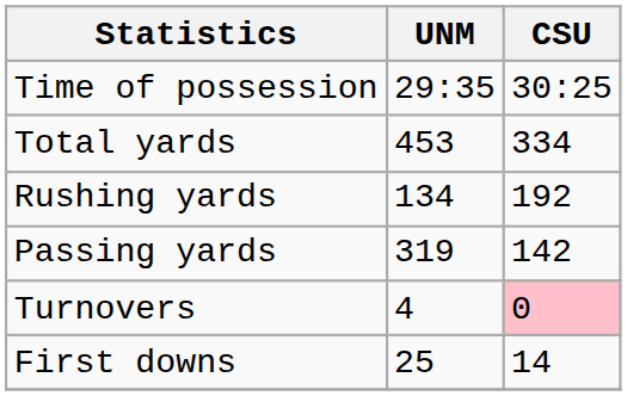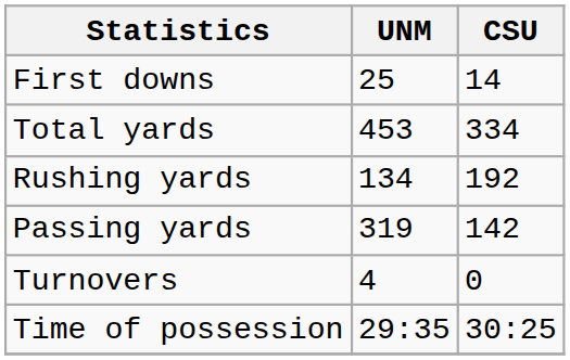 <table class="wikitable" style="float: left;">
 <tr>
 <th>Statistics</th>
 <th>UNM</th>
 <th>CSU</th>
 </tr>
 <tr>
-<td>Time of possession</td>
-<td>29:35</td>
-<td>30:25</td>
+<td>First downs</td>
+<td>25</td>
+<td>14</td>
 </tr>
 <tr>
 <td>Total yards</td>
 <td>453</td>
 <td>334</td>
 </tr>
 <tr>
 <td>Rushing yards</td>
 <td>134</td>
 <td>192</td>
 </tr>
 <tr>
 <td>Passing yards</td>
 <td>319</td>
 <td>142</td>
 </tr>
 <tr>
 <td>Turnovers</td>
 <td>4</td>
-<td style="background: pink;">0</td>
+<td>0</td>
 </tr>
 <tr>
-<td>First downs</td>
-<td>25</td>
-<td>14</td>
+<td>Time of possession</td>
+<td>29:35</td>
+<td>30:25</td>
 </tr>
 <tr>
 </tr>
 </table>
